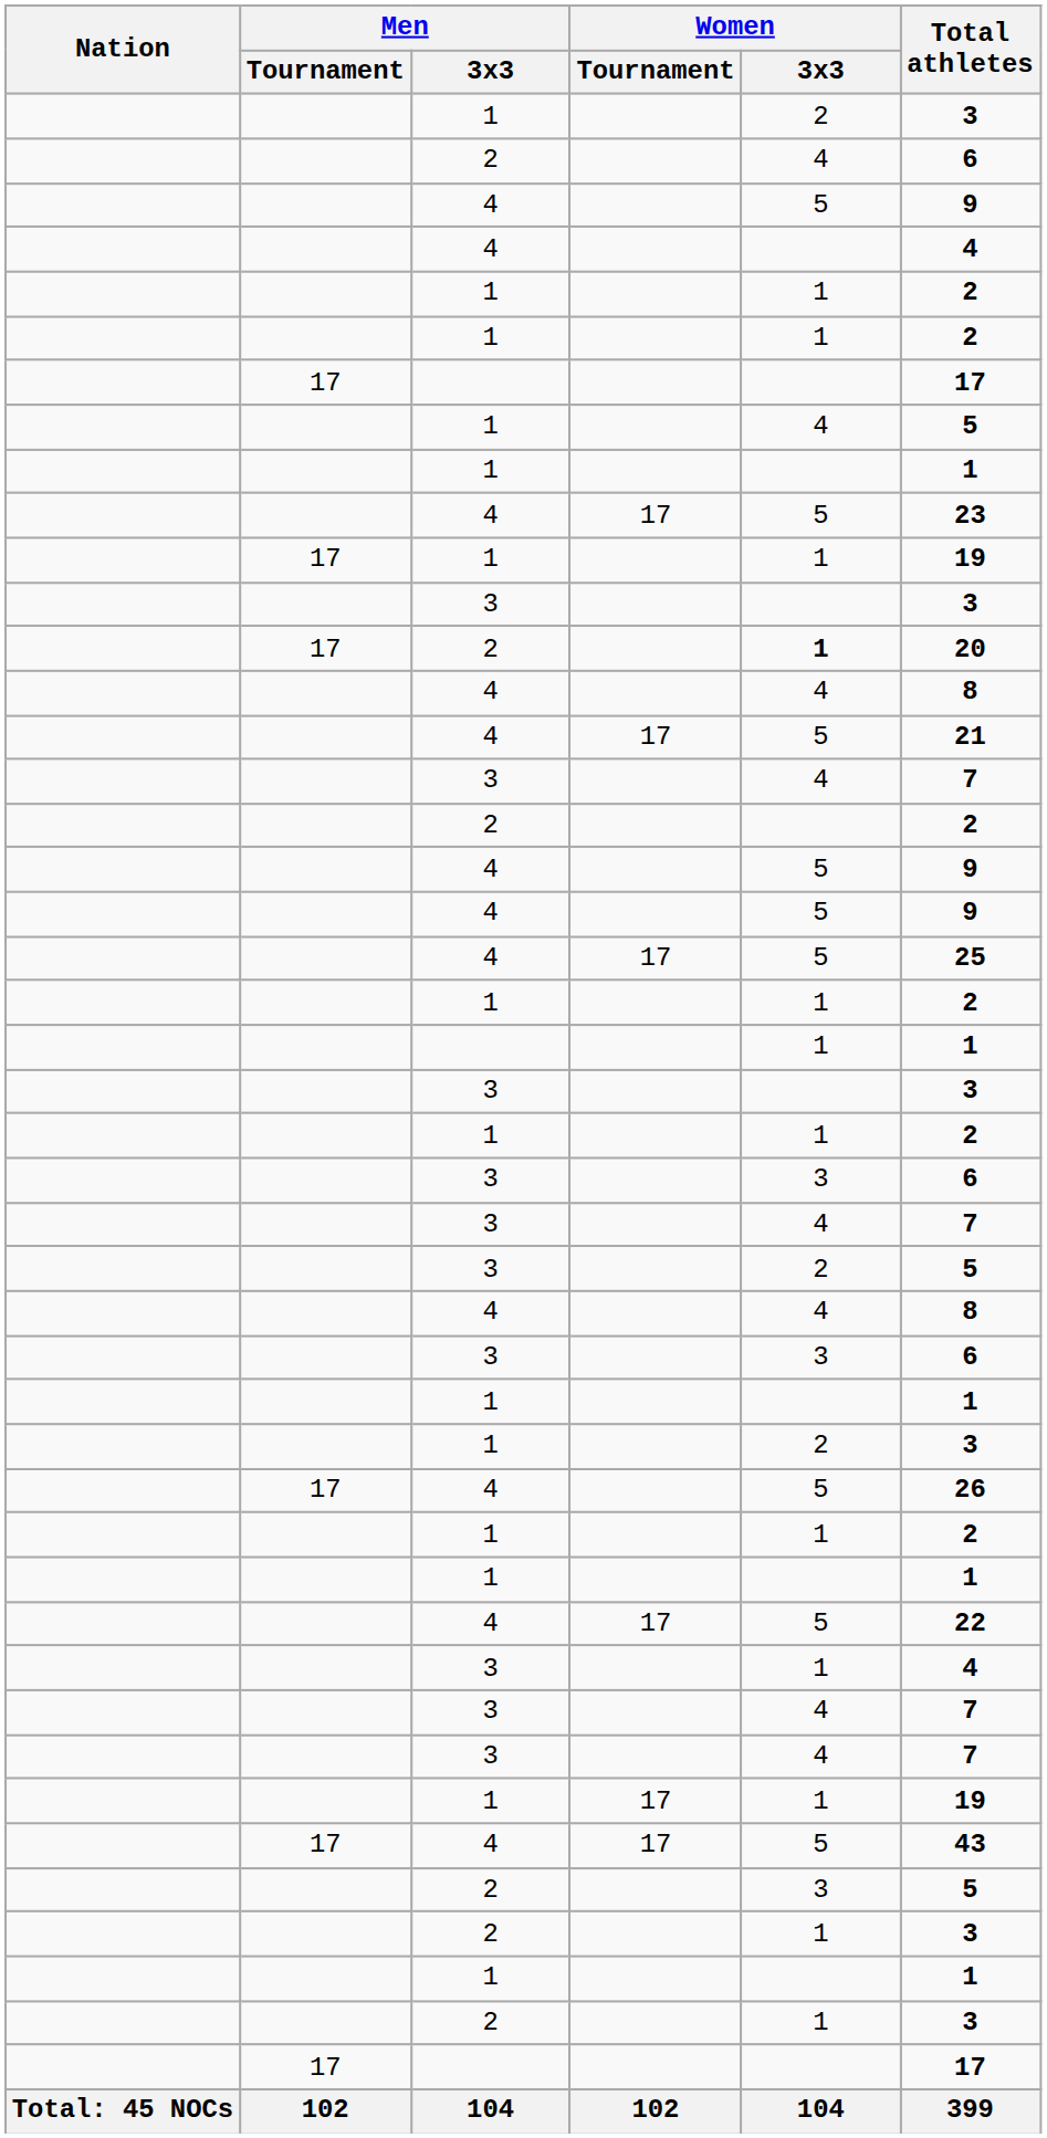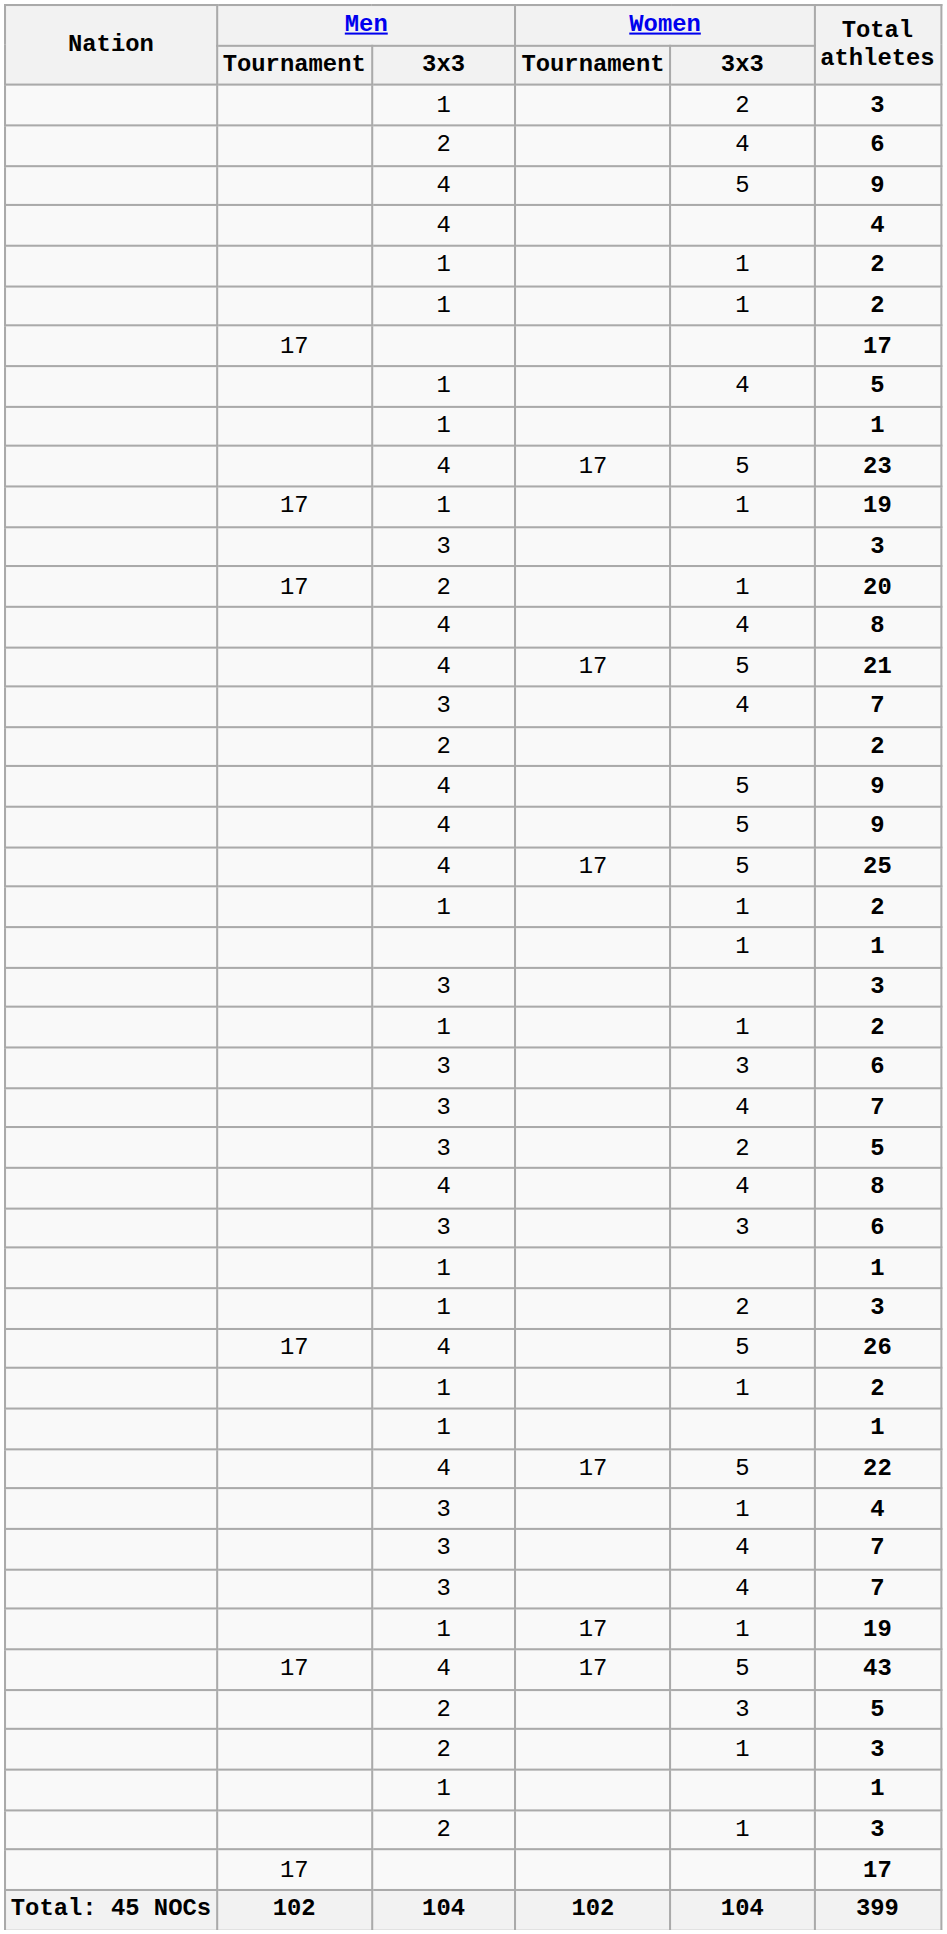 <table class="wikitable" style="text-align:center; font-size:90%">
 <tr>
 <th rowspan=2 align=left>Nation</th>
 <th colspan=2><a href='#'>Men</a></th>
 <th colspan=2><a href='#'>Women</a></th>
 <th rowspan=2>Total<br>athletes</th>
 </tr>
 <tr>
 <th width=65>Tournament</th>
 <th width=65>3x3</th>
 <th width=65>Tournament</th>
 <th width=65>3x3</th>
 </tr>
 <tr>
 <td align=left></td>
 <td></td>
 <td>1</td>
 <td></td>
 <td>2</td>
 <td><strong>3</strong></td>
 </tr>
 <tr>
 <td align=left></td>
 <td></td>
 <td>2</td>
 <td></td>
 <td>4</td>
 <td><strong>6</strong></td>
 </tr>
 <tr>
 <td align=left></td>
 <td></td>
 <td>4</td>
 <td></td>
 <td>5</td>
 <td><strong>9</strong></td>
 </tr>
 <tr>
 <td align=left></td>
 <td></td>
 <td>4</td>
 <td></td>
 <td></td>
 <td><strong>4</strong></td>
 </tr>
 <tr>
 <td align=left></td>
 <td></td>
 <td>1</td>
 <td></td>
 <td>1</td>
 <td><strong>2</strong></td>
 </tr>
 <tr>
 <td align=left></td>
 <td></td>
 <td>1</td>
 <td></td>
 <td>1</td>
 <td><strong>2</strong></td>
 </tr>
 <tr>
 <td align=left></td>
 <td>17</td>
 <td></td>
 <td></td>
 <td></td>
 <td><strong>17</strong></td>
 </tr>
 <tr>
 <td align=left></td>
 <td></td>
 <td>1</td>
 <td></td>
 <td>4</td>
 <td><strong>5</strong></td>
 </tr>
 <tr>
 <td align=left></td>
 <td></td>
 <td>1</td>
 <td></td>
 <td></td>
 <td><strong>1</strong></td>
 </tr>
 <tr>
 <td align=left></td>
 <td></td>
 <td>4</td>
 <td>17</td>
 <td>5</td>
 <td><strong>23</strong></td>
 </tr>
 <tr>
 <td align=left></td>
 <td>17</td>
 <td>1</td>
 <td></td>
 <td>1</td>
 <td><strong>19</strong></td>
 </tr>
 <tr>
 <td align=left></td>
 <td></td>
 <td>3</td>
 <td></td>
 <td></td>
 <td><strong>3</strong></td>
 </tr>
 <tr>
 <td align=left></td>
 <td>17</td>
 <td>2</td>
 <td></td>
-<td><strong>1</strong></td>
+<td>1</td>
 <td><strong>20</strong></td>
 </tr>
 <tr>
 <td align=left></td>
 <td></td>
 <td>4</td>
 <td></td>
 <td>4</td>
 <td><strong>8</strong></td>
 </tr>
 <tr>
 <td align=left></td>
 <td></td>
 <td>4</td>
 <td>17</td>
 <td>5</td>
 <td><strong>21</strong></td>
 </tr>
 <tr>
 <td align=left></td>
 <td></td>
 <td>3</td>
 <td></td>
 <td>4</td>
 <td><strong>7</strong></td>
 </tr>
 <tr>
 <td align=left></td>
 <td></td>
 <td>2</td>
 <td></td>
 <td></td>
 <td><strong>2</strong></td>
 </tr>
 <tr>
 <td align=left></td>
 <td></td>
 <td>4</td>
 <td></td>
 <td>5</td>
 <td><strong>9</strong></td>
 </tr>
 <tr>
 <td align=left></td>
 <td></td>
 <td>4</td>
 <td></td>
 <td>5</td>
 <td><strong>9</strong></td>
 </tr>
 <tr>
 <td align=left></td>
 <td></td>
 <td>4</td>
 <td>17</td>
 <td>5</td>
 <td><strong>25</strong></td>
 </tr>
 <tr>
 <td align=left></td>
 <td></td>
 <td>1</td>
 <td></td>
 <td>1</td>
 <td><strong>2</strong></td>
 </tr>
 <tr>
 <td align=left></td>
 <td></td>
 <td></td>
 <td></td>
 <td>1</td>
 <td><strong>1</strong></td>
 </tr>
 <tr>
 <td align=left></td>
 <td></td>
 <td>3</td>
 <td></td>
 <td></td>
 <td><strong>3</strong></td>
 </tr>
 <tr>
 <td align=left></td>
 <td></td>
 <td>1</td>
 <td></td>
 <td>1</td>
 <td><strong>2</strong></td>
 </tr>
 <tr>
 <td align=left></td>
 <td></td>
 <td>3</td>
 <td></td>
 <td>3</td>
 <td><strong>6</strong></td>
 </tr>
 <tr>
 <td align=left></td>
 <td></td>
 <td>3</td>
 <td></td>
 <td>4</td>
 <td><strong>7</strong></td>
 </tr>
 <tr>
 <td align=left></td>
 <td></td>
 <td>3</td>
 <td></td>
 <td>2</td>
 <td><strong>5</strong></td>
 </tr>
 <tr>
 <td align=left></td>
 <td></td>
 <td>4</td>
 <td></td>
 <td>4</td>
 <td><strong>8</strong></td>
 </tr>
 <tr>
 <td align=left></td>
 <td></td>
 <td>3</td>
 <td></td>
 <td>3</td>
 <td><strong>6</strong></td>
 </tr>
 <tr>
 <td align=left></td>
 <td></td>
 <td>1</td>
 <td></td>
 <td></td>
 <td><strong>1</strong></td>
 </tr>
 <tr>
 <td align=left></td>
 <td></td>
 <td>1</td>
 <td></td>
 <td>2</td>
 <td><strong>3</strong></td>
 </tr>
 <tr>
 <td align=left></td>
 <td>17</td>
 <td>4</td>
 <td></td>
 <td>5</td>
 <td><strong>26</strong></td>
 </tr>
 <tr>
 <td align=left></td>
 <td></td>
 <td>1</td>
 <td></td>
 <td>1</td>
 <td><strong>2</strong></td>
 </tr>
 <tr>
 <td align=left></td>
 <td></td>
 <td>1</td>
 <td></td>
 <td></td>
 <td><strong>1</strong></td>
 </tr>
 <tr>
 <td align=left></td>
 <td></td>
 <td>4</td>
 <td>17</td>
 <td>5</td>
 <td><strong>22</strong></td>
 </tr>
 <tr>
 <td align=left></td>
 <td></td>
 <td>3</td>
 <td></td>
 <td>1</td>
 <td><strong>4</strong></td>
 </tr>
 <tr>
 <td align=left></td>
 <td></td>
 <td>3</td>
 <td></td>
 <td>4</td>
 <td><strong>7</strong></td>
 </tr>
 <tr>
 <td align=left></td>
 <td></td>
 <td>3</td>
 <td></td>
 <td>4</td>
 <td><strong>7</strong></td>
 </tr>
 <tr>
 <td align=left></td>
 <td></td>
 <td>1</td>
 <td>17</td>
 <td>1</td>
 <td><strong>19</strong></td>
 </tr>
 <tr>
 <td align=left></td>
 <td>17</td>
 <td>4</td>
 <td>17</td>
 <td>5</td>
 <td><strong>43</strong></td>
 </tr>
 <tr>
 <td align=left></td>
 <td></td>
 <td>2</td>
 <td></td>
 <td>3</td>
 <td><strong>5</strong></td>
 </tr>
 <tr>
 <td align=left></td>
 <td></td>
 <td>2</td>
 <td></td>
 <td>1</td>
 <td><strong>3</strong></td>
 </tr>
 <tr>
 <td align=left></td>
 <td></td>
 <td>1</td>
 <td></td>
 <td></td>
 <td><strong>1</strong></td>
 </tr>
 <tr>
 <td align=left></td>
 <td></td>
 <td>2</td>
 <td></td>
 <td>1</td>
 <td><strong>3</strong></td>
 </tr>
 <tr>
 <td align=left></td>
 <td>17</td>
 <td></td>
 <td></td>
 <td></td>
 <td><strong>17</strong></td>
 </tr>
 <tr>
 <th>Total: 45 NOCs</th>
 <th>102</th>
 <th>104</th>
 <th>102</th>
 <th>104</th>
 <th>399</th>
 </tr>
 </table>
